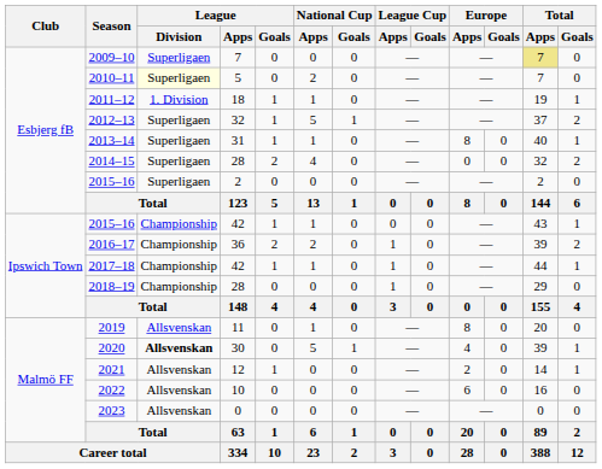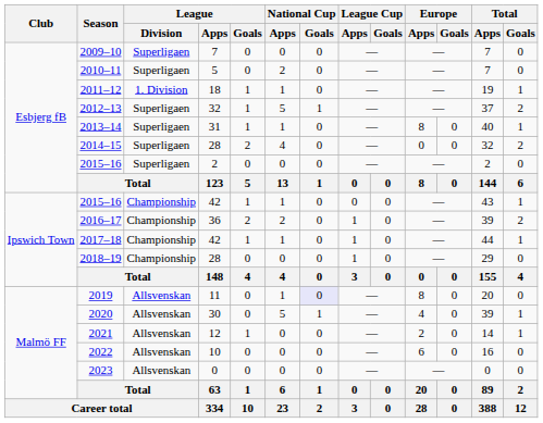 <table class="wikitable" style="text-align: center;">
 <tr>
 <th rowspan="2">Club</th>
 <th rowspan="2">Season</th>
 <th colspan="3">League</th>
 <th colspan="2">National Cup</th>
 <th colspan="2">League Cup</th>
 <th colspan="2">Europe</th>
 <th colspan="2">Total</th>
 </tr>
 <tr>
 <th>Division</th>
 <th>Apps</th>
 <th>Goals</th>
 <th>Apps</th>
 <th>Goals</th>
 <th>Apps</th>
 <th>Goals</th>
 <th>Apps</th>
 <th>Goals</th>
 <th>Apps</th>
 <th>Goals</th>
 </tr>
 <tr>
 <td rowspan="8"><a href='#'>Esbjerg fB</a></td>
 <td><a href='#'>2009–10</a></td>
 <td><a href='#'>Superligaen</a></td>
 <td>7</td>
 <td>0</td>
 <td>0</td>
 <td>0</td>
 <td colspan="2">—</td>
 <td colspan="2">—</td>
-<td style="background: khaki;">7</td>
+<td>7</td>
 <td>0</td>
 </tr>
 <tr>
 <td><a href='#'>2010–11</a></td>
-<td style="background: lightyellow;">Superligaen</td>
+<td>Superligaen</td>
 <td>5</td>
 <td>0</td>
 <td>2</td>
 <td>0</td>
 <td colspan="2">—</td>
 <td colspan="2">—</td>
 <td>7</td>
 <td>0</td>
 </tr>
 <tr>
 <td><a href='#'>2011–12</a></td>
 <td><a href='#'>1. Division</a></td>
 <td>18</td>
 <td>1</td>
 <td>1</td>
 <td>0</td>
 <td colspan="2">—</td>
 <td colspan="2">—</td>
 <td>19</td>
 <td>1</td>
 </tr>
 <tr>
 <td><a href='#'>2012–13</a></td>
 <td>Superligaen</td>
 <td>32</td>
 <td>1</td>
 <td>5</td>
 <td>1</td>
 <td colspan="2">—</td>
 <td colspan="2">—</td>
 <td>37</td>
 <td>2</td>
 </tr>
 <tr>
 <td><a href='#'>2013–14</a></td>
 <td>Superligaen</td>
 <td>31</td>
 <td>1</td>
 <td>1</td>
 <td>0</td>
 <td colspan="2">—</td>
 <td>8</td>
 <td>0</td>
 <td>40</td>
 <td>1</td>
 </tr>
 <tr>
 <td><a href='#'>2014–15</a></td>
 <td>Superligaen</td>
 <td>28</td>
 <td>2</td>
 <td>4</td>
 <td>0</td>
 <td colspan="2">—</td>
 <td>0</td>
 <td>0</td>
 <td>32</td>
 <td>2</td>
 </tr>
 <tr>
 <td><a href='#'>2015–16</a></td>
 <td>Superligaen</td>
 <td>2</td>
 <td>0</td>
 <td>0</td>
 <td>0</td>
 <td colspan="2">—</td>
 <td colspan="2">—</td>
 <td>2</td>
 <td>0</td>
 </tr>
 <tr>
 <th colspan="2">Total</th>
 <th>123</th>
 <th>5</th>
 <th>13</th>
 <th>1</th>
 <th>0</th>
 <th>0</th>
 <th>8</th>
 <th>0</th>
 <th>144</th>
 <th>6</th>
 </tr>
 <tr>
 <td rowspan="5"><a href='#'>Ipswich Town</a></td>
 <td><a href='#'>2015–16</a></td>
 <td><a href='#'>Championship</a></td>
 <td>42</td>
 <td>1</td>
 <td>1</td>
 <td>0</td>
 <td>0</td>
 <td>0</td>
 <td colspan="2">—</td>
 <td>43</td>
 <td>1</td>
 </tr>
 <tr>
 <td><a href='#'>2016–17</a></td>
 <td>Championship</td>
 <td>36</td>
 <td>2</td>
 <td>2</td>
 <td>0</td>
 <td>1</td>
 <td>0</td>
 <td colspan="2">—</td>
 <td>39</td>
 <td>2</td>
 </tr>
 <tr>
 <td><a href='#'>2017–18</a></td>
 <td>Championship</td>
 <td>42</td>
 <td>1</td>
 <td>1</td>
 <td>0</td>
 <td>1</td>
 <td>0</td>
 <td colspan="2">—</td>
 <td>44</td>
 <td>1</td>
 </tr>
 <tr>
 <td><a href='#'>2018–19</a></td>
 <td>Championship</td>
 <td>28</td>
 <td>0</td>
 <td>0</td>
 <td>0</td>
 <td>1</td>
 <td>0</td>
 <td colspan="2">—</td>
 <td>29</td>
 <td>0</td>
 </tr>
 <tr>
 <th colspan="2">Total</th>
 <th>148</th>
 <th>4</th>
 <th>4</th>
 <th>0</th>
 <th>3</th>
 <th>0</th>
 <th>0</th>
 <th>0</th>
 <th>155</th>
 <th>4</th>
 </tr>
 <tr>
 <td rowspan="6"><a href='#'>Malmö FF</a></td>
 <td><a href='#'>2019</a></td>
 <td><a href='#'>Allsvenskan</a></td>
 <td>11</td>
 <td>0</td>
 <td>1</td>
-<td>0</td>
+<td style="background: lavender;">0</td>
 <td colspan="2">—</td>
 <td>8</td>
 <td>0</td>
 <td>20</td>
 <td>0</td>
 </tr>
 <tr>
 <td><a href='#'>2020</a></td>
-<td><strong>Allsvenskan</strong></td>
+<td>Allsvenskan</td>
 <td>30</td>
 <td>0</td>
 <td>5</td>
 <td>1</td>
 <td colspan="2">—</td>
 <td>4</td>
 <td>0</td>
 <td>39</td>
 <td>1</td>
 </tr>
 <tr>
 <td><a href='#'>2021</a></td>
 <td>Allsvenskan</td>
 <td>12</td>
 <td>1</td>
 <td>0</td>
 <td>0</td>
 <td colspan="2">—</td>
 <td>2</td>
 <td>0</td>
 <td>14</td>
 <td>1</td>
 </tr>
 <tr>
 <td><a href='#'>2022</a></td>
 <td>Allsvenskan</td>
 <td>10</td>
 <td>0</td>
 <td>0</td>
 <td>0</td>
 <td colspan="2">—</td>
 <td>6</td>
 <td>0</td>
 <td>16</td>
 <td>0</td>
 </tr>
 <tr>
 <td><a href='#'>2023</a></td>
 <td>Allsvenskan</td>
 <td>0</td>
 <td>0</td>
 <td>0</td>
 <td>0</td>
 <td colspan="2">—</td>
 <td colspan="2">—</td>
 <td>0</td>
 <td>0</td>
 </tr>
 <tr>
 <th colspan="2">Total</th>
 <th>63</th>
 <th>1</th>
 <th>6</th>
 <th>1</th>
 <th>0</th>
 <th>0</th>
 <th>20</th>
 <th>0</th>
 <th>89</th>
 <th>2</th>
 </tr>
 <tr>
 <th colspan="3">Career total</th>
 <th>334</th>
 <th>10</th>
 <th>23</th>
 <th>2</th>
 <th>3</th>
 <th>0</th>
 <th>28</th>
 <th>0</th>
 <th>388</th>
 <th>12</th>
 </tr>
 </table>
